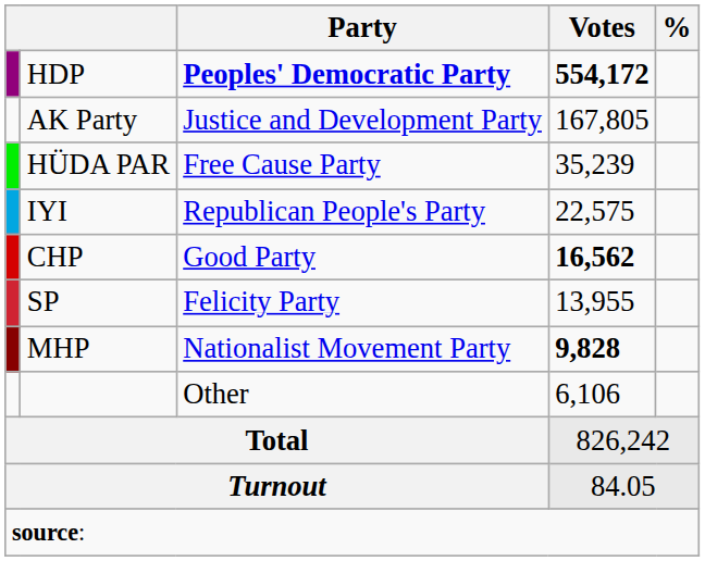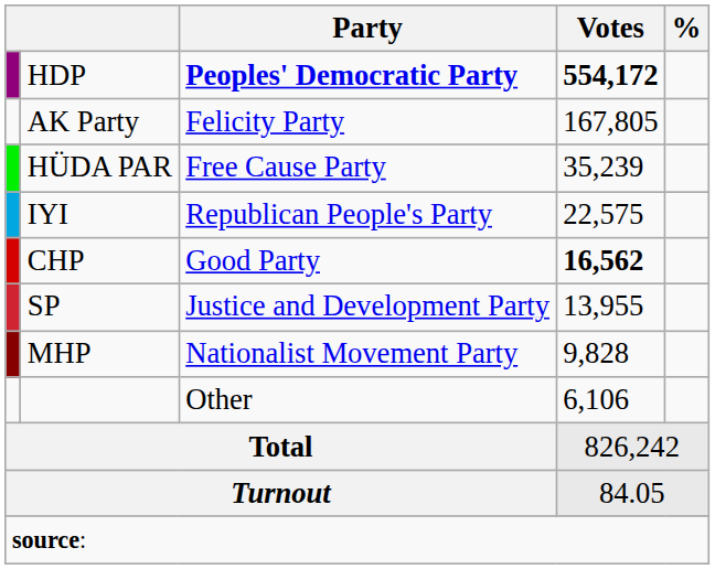 <table class="wikitable">
 <tr>
 <th colspan="2" align="center"></th>
 <th align="center">Party</th>
 <th align="center">Votes</th>
 <th align="center">%</th>
 </tr>
 <tr align="left">
 <td bgcolor="#91007B" width="1"></td>
 <td>HDP</td>
 <td><strong><a href='#'>Peoples' Democratic Party</a></strong></td>
 <td><strong>554,172</strong></td>
 <td><strong></strong></td>
 </tr>
 <tr align="left">
 <td></td>
 <td>AK Party</td>
-<td><a href='#'>Justice and Development Party</a></td>
+<td><a href='#'>Felicity Party</a></td>
 <td>167,805</td>
 <td></td>
 </tr>
 <tr align="left">
 <td bgcolor="#Green" width="1"></td>
 <td>HÜDA PAR</td>
 <td><a href='#'>Free Cause Party</a></td>
 <td>35,239</td>
 <td></td>
 </tr>
 <tr align="left">
 <td bgcolor="#01A7E1" width="1"></td>
 <td>IYI</td>
 <td><a href='#'>Republican People's Party</a></td>
 <td>22,575</td>
 <td></td>
 </tr>
 <tr align="left">
 <td bgcolor="#d50000" width="1"></td>
 <td>CHP</td>
 <td><a href='#'>Good Party</a></td>
 <td><strong>16,562</strong></td>
 <td></td>
 </tr>
 <tr align="left">
 <td bgcolor="#D02433" width="1"></td>
 <td>SP</td>
-<td><a href='#'>Felicity Party</a></td>
+<td><a href='#'>Justice and Development Party</a></td>
 <td>13,955</td>
 <td></td>
 </tr>
 <tr align="left">
 <td bgcolor="#870000" width="1"></td>
 <td>MHP</td>
 <td><a href='#'>Nationalist Movement Party</a></td>
-<td><strong>9,828</strong></td>
+<td>9,828</td>
 <td></td>
 </tr>
 <tr align="left">
 <td bgcolor="" width="1"></td>
 <td></td>
 <td>Other</td>
 <td>6,106</td>
 <td></td>
 </tr>
 <tr align="left" style="background-color:#E9E9E9">
 <th colspan="3" align="center"><strong>Total</strong></th>
 <td colspan="5" align="center">826,242</td>
 </tr>
 <tr align="left" style="background-color:#E9E9E9">
 <th colspan="3" align="center"><em>Turnout</em></th>
 <td colspan="5" align="center">84.05</td>
 </tr>
 <tr>
 <td colspan="9" align="left"><small><strong>source</strong>: </small></td>
 </tr>
 </table>
